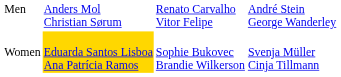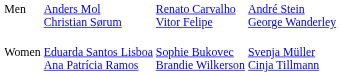 <table>
 <tr>
 <td>Men<br></td>
 <td><br><a href='#'>Anders Mol</a><br><a href='#'>Christian Sørum</a></td>
 <td><br><a href='#'>Renato Carvalho</a><br><a href='#'>Vitor Felipe</a></td>
 <td><br><a href='#'>André Stein</a><br><a href='#'>George Wanderley</a></td>
 </tr>
 <tr>
 <td>Women<br></td>
-<td style="background: gold;"><br><a href='#'>Eduarda Santos Lisboa</a><br><a href='#'>Ana Patrícia Ramos</a></td>
+<td><br><a href='#'>Eduarda Santos Lisboa</a><br><a href='#'>Ana Patrícia Ramos</a></td>
 <td><br><a href='#'>Sophie Bukovec</a><br><a href='#'>Brandie Wilkerson</a></td>
 <td><br><a href='#'>Svenja Müller</a><br><a href='#'>Cinja Tillmann</a></td>
 </tr>
 </table>
